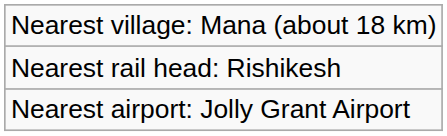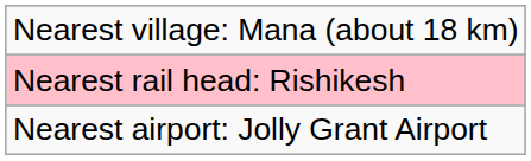 <table class="wikitable">
 <tr>
 <td>Nearest village: Mana (about 18 km)</td>
 </tr>
 <tr>
-<td>Nearest rail head: Rishikesh</td>
+<td style="background: pink;">Nearest rail head: Rishikesh</td>
 </tr>
 <tr>
 <td>Nearest airport: Jolly Grant Airport</td>
 </tr>
 </table>
